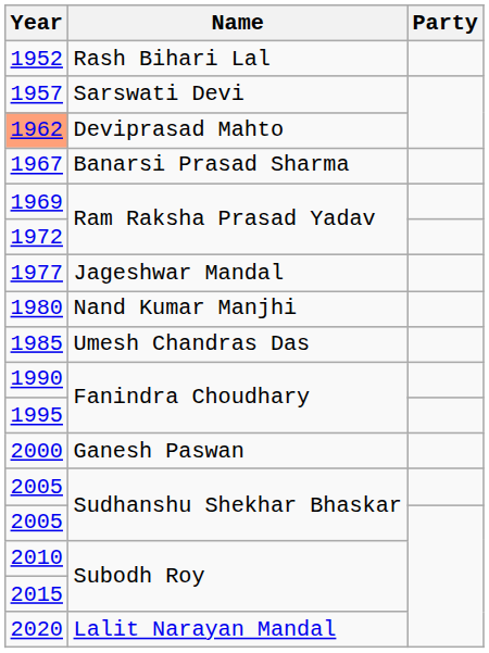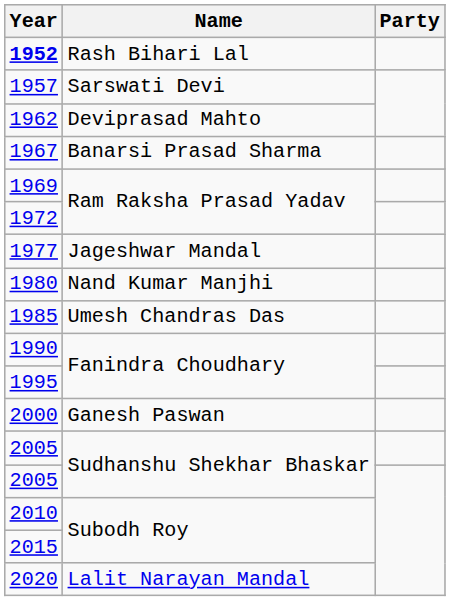 <table class="wikitable sortable">
 <tr>
 <th>Year</th>
 <th>Name</th>
 <th colspan="2">Party</th>
 </tr>
 <tr>
-<td><a href='#'>1952</a></td>
+<td><strong><a href='#'>1952</a></strong></td>
 <td>Rash Bihari Lal</td>
 <td></td>
 </tr>
 <tr>
 <td><a href='#'>1957</a></td>
 <td>Sarswati Devi</td>
 </tr>
 <tr>
-<td style="background: lightsalmon;"><a href='#'>1962</a></td>
+<td><a href='#'>1962</a></td>
 <td>Deviprasad Mahto</td>
 </tr>
 <tr>
 <td><a href='#'>1967</a></td>
 <td>Banarsi Prasad Sharma</td>
 <td></td>
 </tr>
 <tr>
 <td><a href='#'>1969</a></td>
 <td rowspan="2">Ram Raksha Prasad Yadav</td>
 <td></td>
 </tr>
 <tr>
 <td><a href='#'>1972</a></td>
 </tr>
 <tr>
 <td><a href='#'>1977</a></td>
 <td>Jageshwar Mandal</td>
 <td></td>
 </tr>
 <tr>
 <td><a href='#'>1980</a></td>
 <td>Nand Kumar Manjhi</td>
 <td></td>
 </tr>
 <tr>
 <td><a href='#'>1985</a></td>
 <td>Umesh Chandras Das</td>
 <td></td>
 </tr>
 <tr>
 <td><a href='#'>1990</a></td>
 <td rowspan="2">Fanindra Choudhary</td>
 <td></td>
 </tr>
 <tr>
 <td><a href='#'>1995</a></td>
 </tr>
 <tr>
 <td><a href='#'>2000</a></td>
 <td>Ganesh Paswan</td>
 <td></td>
 </tr>
 <tr>
 <td><a href='#'>2005</a></td>
 <td rowspan="2">Sudhanshu Shekhar Bhaskar</td>
 <td></td>
 </tr>
 <tr>
 <td><a href='#'>2005</a></td>
 </tr>
 <tr>
 <td><a href='#'>2010</a></td>
 <td rowspan="2">Subodh Roy</td>
 </tr>
 <tr>
 <td><a href='#'>2015</a></td>
 </tr>
 <tr>
 <td><a href='#'>2020</a></td>
 <td><a href='#'>Lalit Narayan Mandal</a></td>
 </tr>
 </table>
